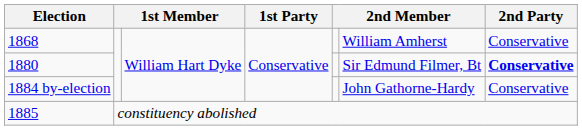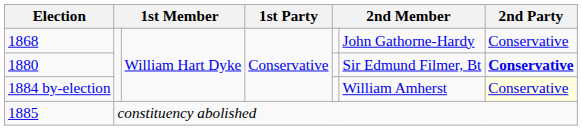 <table class="wikitable">
 <tr>
 <th>Election</th>
 <th colspan="2">1st Member</th>
 <th>1st Party</th>
 <th colspan="2">2nd Member</th>
 <th>2nd Party</th>
 </tr>
 <tr>
 <td><a href='#'>1868</a></td>
 <td rowspan="3" style="color:inherit;background-color: "></td>
 <td rowspan="3"><a href='#'>William Hart Dyke</a></td>
 <td rowspan="3"><a href='#'>Conservative</a></td>
 <td style="color:inherit;background-color: "></td>
-<td><a href='#'>William Amherst</a></td>
+<td><a href='#'>John Gathorne-Hardy</a></td>
 <td><a href='#'>Conservative</a></td>
 </tr>
 <tr>
 <td><a href='#'>1880</a></td>
 <td style="color:inherit;background-color: "></td>
 <td><a href='#'>Sir Edmund Filmer, Bt</a></td>
 <td><strong><a href='#'>Conservative</a></strong></td>
 </tr>
 <tr>
 <td><a href='#'>1884 by-election</a></td>
 <td style="color:inherit;background-color: "></td>
-<td><a href='#'>John Gathorne-Hardy</a></td>
-<td><a href='#'>Conservative</a></td>
+<td><a href='#'>William Amherst</a></td>
+<td style="background: lightyellow;"><a href='#'>Conservative</a></td>
 </tr>
 <tr>
 <td><a href='#'>1885</a></td>
 <td colspan="6"><em>constituency abolished</em></td>
 </tr>
 </table>
